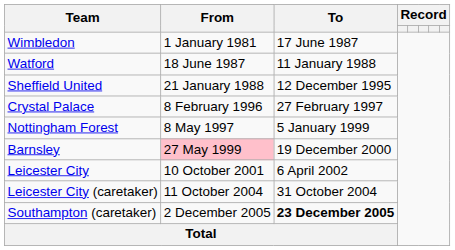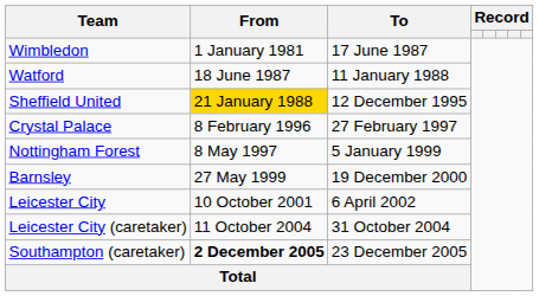 <table class=wikitable style="text-align: center">
 <tr>
 <th rowspan=2>Team</th>
 <th rowspan=2>From</th>
 <th rowspan=2>To</th>
 <th colspan=5>Record</th>
 </tr>
 <tr>
 <th></th>
 <th></th>
 <th></th>
 <th></th>
 <th></th>
 </tr>
 <tr>
 <td align=left><a href='#'>Wimbledon</a></td>
 <td align=left>1 January 1981</td>
 <td align=left>17 June 1987<br></td>
 </tr>
 <tr>
 <td align=left><a href='#'>Watford</a></td>
 <td align=left>18 June 1987</td>
 <td align=left>11 January 1988<br></td>
 </tr>
 <tr>
 <td align=left><a href='#'>Sheffield United</a></td>
-<td align=left>21 January 1988</td>
+<td align=left style="background: gold;">21 January 1988</td>
 <td align=left>12 December 1995<br></td>
 </tr>
 <tr>
 <td align=left><a href='#'>Crystal Palace</a></td>
 <td align=left>8 February 1996</td>
 <td align=left>27 February 1997<br></td>
 </tr>
 <tr>
 <td align=left><a href='#'>Nottingham Forest</a></td>
 <td align=left>8 May 1997</td>
 <td align=left>5 January 1999<br></td>
 </tr>
 <tr>
 <td align=left><a href='#'>Barnsley</a></td>
-<td align=left style="background: pink;">27 May 1999</td>
+<td align=left>27 May 1999</td>
 <td align=left>19 December 2000<br></td>
 </tr>
 <tr>
 <td align=left><a href='#'>Leicester City</a></td>
 <td align=left>10 October 2001</td>
 <td align=left>6 April 2002<br></td>
 </tr>
 <tr>
 <td align=left><a href='#'>Leicester City</a> (caretaker)</td>
 <td align=left>11 October 2004</td>
 <td align=left>31 October 2004<br></td>
 </tr>
 <tr>
 <td align=left><a href='#'>Southampton</a> (caretaker)</td>
-<td align=left>2 December 2005</td>
-<td align=left><strong>23 December 2005<br></strong></td>
+<td align=left><strong>2 December 2005</strong></td>
+<td align=left>23 December 2005<br></td>
 </tr>
 <tr>
 <th colspan=3>Total<br></th>
 </tr>
 </table>
